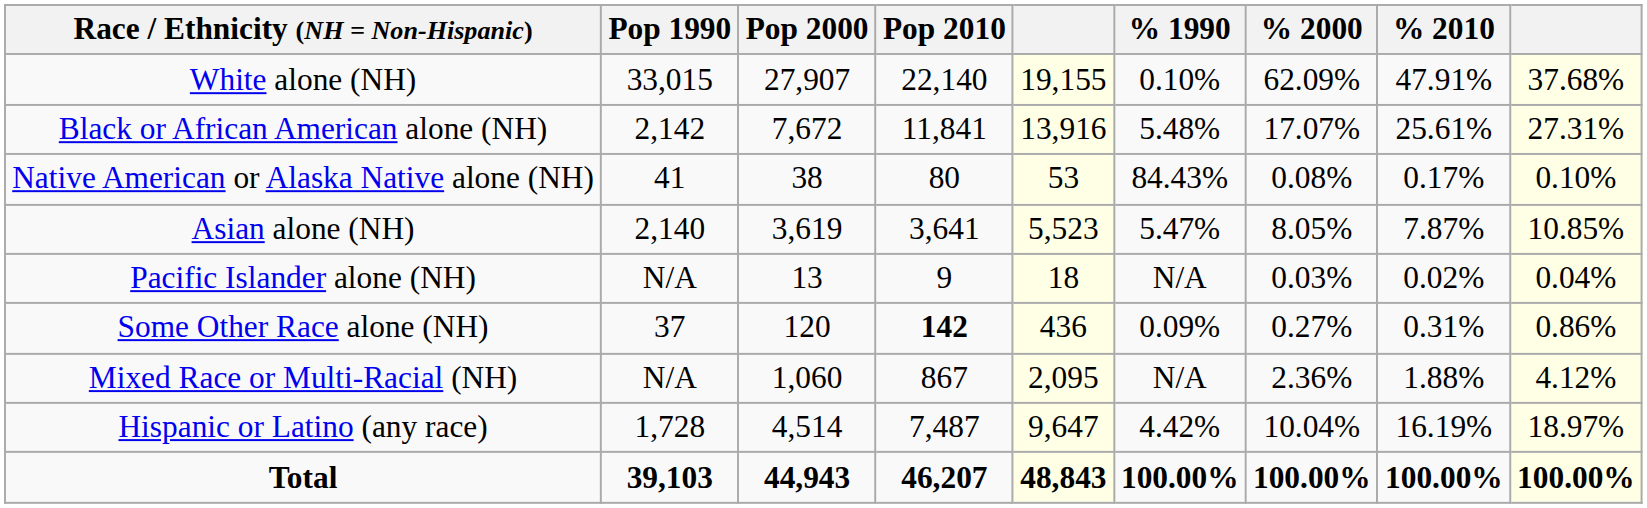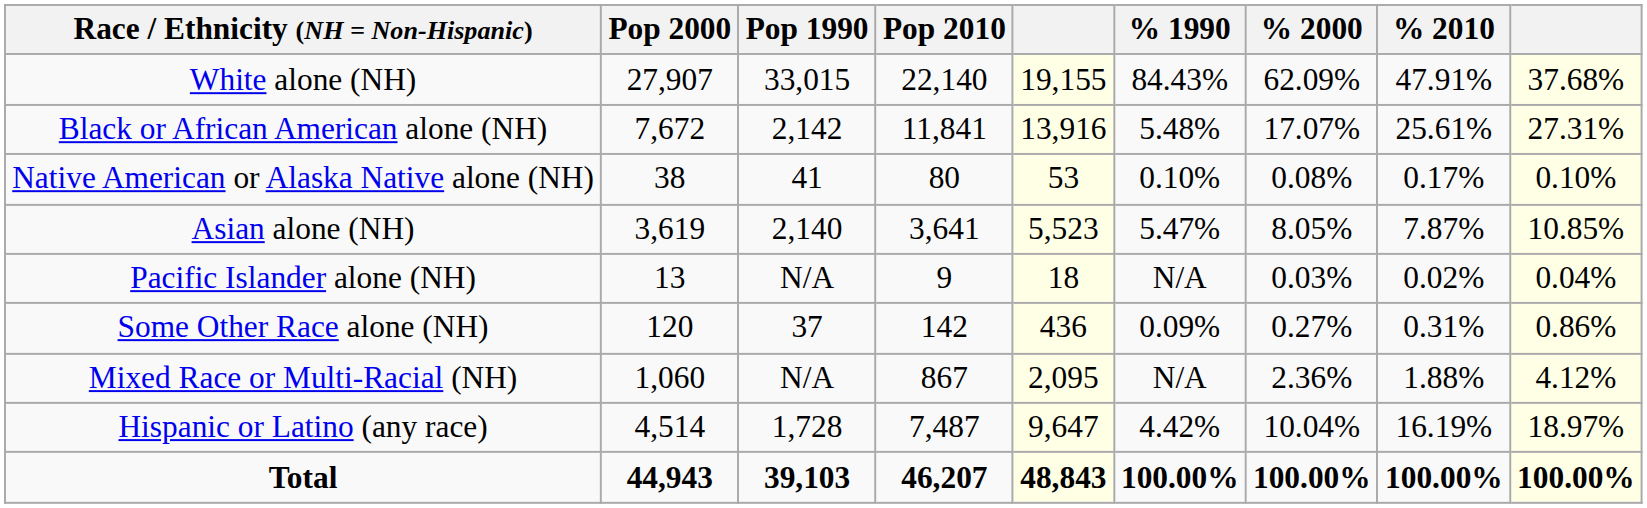 <table class="wikitable" style="text-align:center;">
 <tr>
 <th>Race / Ethnicity <small>(<em>NH = Non-Hispanic</em>)</small></th>
+<th>Pop 2000</th>
 <th>Pop 1990</th>
-<th>Pop 2000</th>
 <th>Pop 2010</th>
 <th></th>
 <th>% 1990</th>
 <th>% 2000</th>
 <th>% 2010</th>
 <th></th>
 </tr>
 <tr>
 <td><a href='#'>White</a> alone (NH)</td>
+<td>27,907</td>
 <td>33,015</td>
-<td>27,907</td>
 <td>22,140</td>
 <td style='background: #ffffe6;'>19,155</td>
-<td>0.10%</td>
+<td>84.43%</td>
 <td>62.09%</td>
 <td>47.91%</td>
 <td style='background: #ffffe6;'>37.68%</td>
 </tr>
 <tr>
 <td><a href='#'>Black or African American</a> alone (NH)</td>
+<td>7,672</td>
 <td>2,142</td>
-<td>7,672</td>
 <td>11,841</td>
 <td style='background: #ffffe6;'>13,916</td>
 <td>5.48%</td>
 <td>17.07%</td>
 <td>25.61%</td>
 <td style='background: #ffffe6;'>27.31%</td>
 </tr>
 <tr>
 <td><a href='#'>Native American</a> or <a href='#'>Alaska Native</a> alone (NH)</td>
+<td>38</td>
 <td>41</td>
-<td>38</td>
 <td>80</td>
 <td style='background: #ffffe6;'>53</td>
-<td>84.43%</td>
+<td>0.10%</td>
 <td>0.08%</td>
 <td>0.17%</td>
 <td style='background: #ffffe6;'>0.10%</td>
 </tr>
 <tr>
 <td><a href='#'>Asian</a> alone (NH)</td>
+<td>3,619</td>
 <td>2,140</td>
-<td>3,619</td>
 <td>3,641</td>
 <td style='background: #ffffe6;'>5,523</td>
 <td>5.47%</td>
 <td>8.05%</td>
 <td>7.87%</td>
 <td style='background: #ffffe6;'>10.85%</td>
 </tr>
 <tr>
 <td><a href='#'>Pacific Islander</a> alone (NH)</td>
+<td>13</td>
 <td>N/A</td>
-<td>13</td>
 <td>9</td>
 <td style='background: #ffffe6;'>18</td>
 <td>N/A</td>
 <td>0.03%</td>
 <td>0.02%</td>
 <td style='background: #ffffe6;'>0.04%</td>
 </tr>
 <tr>
 <td><a href='#'>Some Other Race</a> alone (NH)</td>
+<td>120</td>
 <td>37</td>
-<td>120</td>
-<td><strong>142</strong></td>
+<td>142</td>
 <td style='background: #ffffe6;'>436</td>
 <td>0.09%</td>
 <td>0.27%</td>
 <td>0.31%</td>
 <td style='background: #ffffe6;'>0.86%</td>
 </tr>
 <tr>
 <td><a href='#'>Mixed Race or Multi-Racial</a> (NH)</td>
+<td>1,060</td>
 <td>N/A</td>
-<td>1,060</td>
 <td>867</td>
 <td style='background: #ffffe6;'>2,095</td>
 <td>N/A</td>
 <td>2.36%</td>
 <td>1.88%</td>
 <td style='background: #ffffe6;'>4.12%</td>
 </tr>
 <tr>
 <td><a href='#'>Hispanic or Latino</a> (any race)</td>
+<td>4,514</td>
 <td>1,728</td>
-<td>4,514</td>
 <td>7,487</td>
 <td style='background: #ffffe6;'>9,647</td>
 <td>4.42%</td>
 <td>10.04%</td>
 <td>16.19%</td>
 <td style='background: #ffffe6;'>18.97%</td>
 </tr>
 <tr>
 <td><strong>Total</strong></td>
+<td><strong>44,943</strong></td>
 <td><strong>39,103</strong></td>
-<td><strong>44,943</strong></td>
 <td><strong>46,207</strong></td>
 <td style='background: #ffffe6;'><strong>48,843</strong></td>
 <td><strong>100.00%</strong></td>
 <td><strong>100.00%</strong></td>
 <td><strong>100.00%</strong></td>
 <td style='background: #ffffe6;'><strong>100.00%</strong></td>
 </tr>
 </table>
